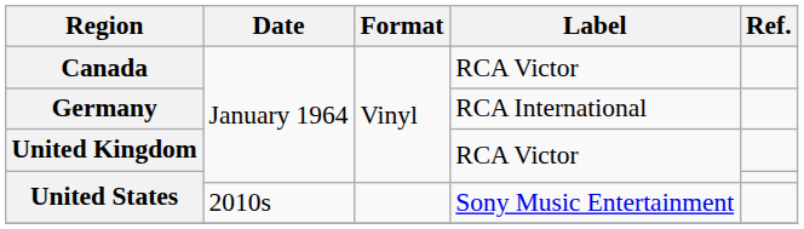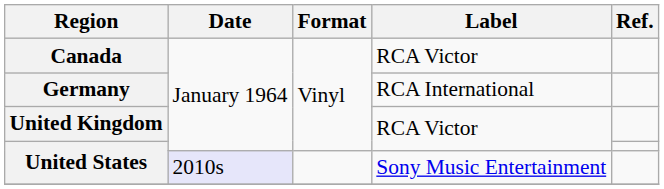 <table class="wikitable plainrowheaders">
 <tr>
 <th scope="col">Region</th>
 <th scope="col">Date</th>
 <th scope="col">Format</th>
 <th scope="col">Label</th>
 <th scope="col">Ref.</th>
 </tr>
 <tr>
 <th scope="row">Canada</th>
 <td rowspan="4">January 1964</td>
 <td rowspan="4">Vinyl</td>
 <td>RCA Victor</td>
 <td></td>
 </tr>
 <tr>
 <th scope="row">Germany</th>
 <td>RCA International</td>
 <td></td>
 </tr>
 <tr>
 <th scope="row">United Kingdom</th>
 <td rowspan="2">RCA Victor</td>
 <td></td>
 </tr>
 <tr>
 <th scope="row" rowspan="2">United States</th>
 <td></td>
 </tr>
 <tr>
-<td>2010s</td>
+<td style="background: lavender;">2010s</td>
 <td></td>
 <td><a href='#'>Sony Music Entertainment</a></td>
 <td></td>
 </tr>
 <tr>
 </tr>
 </table>
